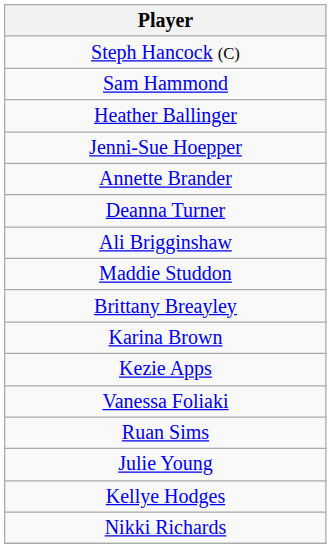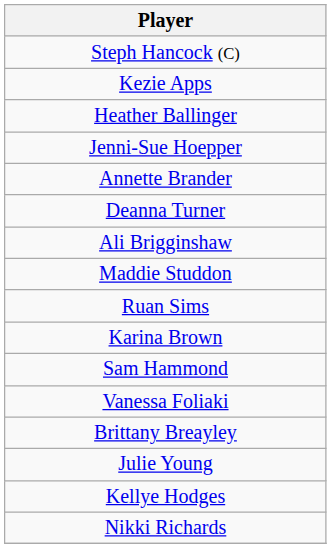 <table class="wikitable" style="text-align: center;">
 <tr>
 <th style="width:250px;">Player</th>
 </tr>
 <tr>
 <td><a href='#'>Steph Hancock</a> <small>(C)</small></td>
 </tr>
 <tr>
-<td><a href='#'>Sam Hammond</a></td>
+<td><a href='#'>Kezie Apps</a></td>
 </tr>
 <tr>
 <td><a href='#'>Heather Ballinger</a></td>
 </tr>
 <tr>
 <td><a href='#'>Jenni-Sue Hoepper</a></td>
 </tr>
 <tr>
 <td><a href='#'>Annette Brander</a></td>
 </tr>
 <tr>
 <td><a href='#'>Deanna Turner</a></td>
 </tr>
 <tr>
 <td><a href='#'>Ali Brigginshaw</a></td>
 </tr>
 <tr>
 <td><a href='#'>Maddie Studdon</a></td>
 </tr>
 <tr>
-<td><a href='#'>Brittany Breayley</a></td>
+<td><a href='#'>Ruan Sims</a></td>
 </tr>
 <tr>
 <td><a href='#'>Karina Brown</a></td>
 </tr>
 <tr>
-<td><a href='#'>Kezie Apps</a></td>
+<td><a href='#'>Sam Hammond</a></td>
 </tr>
 <tr>
 <td><a href='#'>Vanessa Foliaki</a></td>
 </tr>
 <tr>
-<td><a href='#'>Ruan Sims</a></td>
+<td><a href='#'>Brittany Breayley</a></td>
 </tr>
 <tr>
 <td><a href='#'>Julie Young</a></td>
 </tr>
 <tr>
 <td><a href='#'>Kellye Hodges</a></td>
 </tr>
 <tr>
 <td><a href='#'>Nikki Richards</a></td>
 </tr>
 <tr>
 </tr>
 </table>
